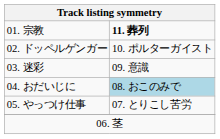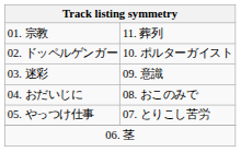 <table class="wikitable floatright font-size:small">
 <tr>
 <th colspan="2">Track listing symmetry</th>
 </tr>
 <tr>
 <td>01. 宗教<br></td>
-<td><strong>11. 葬列<br></strong></td>
+<td>11. 葬列<br></td>
 </tr>
 <tr>
 <td>02. ドッペルゲンガー<br></td>
 <td>10. ポルターガイスト<br></td>
 </tr>
 <tr>
 <td>03. 迷彩<br></td>
 <td>09. 意識<br></td>
 </tr>
 <tr>
 <td>04. おだいじに<br></td>
-<td style="background: lightblue;">08. おこのみで <br></td>
+<td>08. おこのみで <br></td>
 </tr>
 <tr>
 <td>05. やっつけ仕事<br></td>
 <td>07. とりこし苦労<br></td>
 </tr>
 <tr>
 </tr>
 <tr>
 <td colspan="2" align="center">06. 茎<br></td>
 </tr>
 </table>
